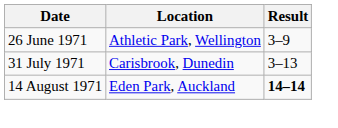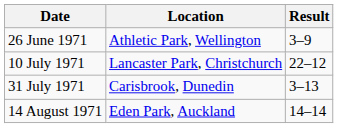 <table class="wikitable" style="align:center;">
 <tr>
 <th>Date</th>
 <th>Location</th>
 <th>Result</th>
 </tr>
 <tr>
 <td>26 June 1971</td>
 <td><a href='#'>Athletic Park</a>, <a href='#'>Wellington</a></td>
 <td> 3–9 </td>
 </tr>
 <tr>
+<td>10 July 1971</td>
+<td><a href='#'>Lancaster Park</a>, <a href='#'>Christchurch</a></td>
+<td> 22–12 </td>
+</tr>
+<tr>
 <td>31 July 1971</td>
 <td><a href='#'>Carisbrook</a>, <a href='#'>Dunedin</a></td>
 <td> 3–13 </td>
 </tr>
 <tr>
 <td>14 August 1971</td>
 <td><a href='#'>Eden Park</a>, <a href='#'>Auckland</a></td>
-<td><strong> 14–14 </strong></td>
+<td> 14–14 </td>
 </tr>
 </table>
